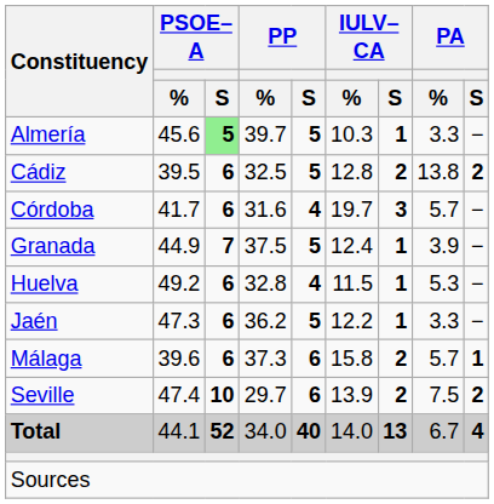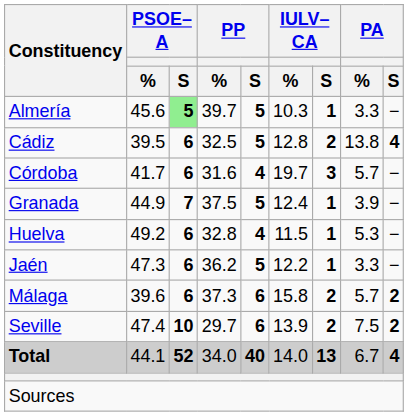 <table class="wikitable sortable" style="text-align:right; line-height:20px;">
 <tr>
 <th rowspan="3">Constituency</th>
 <th colspan="2" width="30px" class="unsortable"><a href='#'>PSOE–A</a></th>
 <th colspan="2" width="30px" class="unsortable"><a href='#'>PP</a></th>
 <th colspan="2" width="30px" class="unsortable"><a href='#'>IULV–CA</a></th>
 <th colspan="2" width="30px" class="unsortable"><a href='#'>PA</a></th>
 </tr>
 <tr>
 <th colspan="2" style="background:"></th>
 <th colspan="2" style="background:"></th>
 <th colspan="2" style="background:"></th>
 <th colspan="2" style="background:"></th>
 </tr>
 <tr>
 <th data-sort-type="number">%</th>
 <th data-sort-type="number">S</th>
 <th data-sort-type="number">%</th>
 <th data-sort-type="number">S</th>
 <th data-sort-type="number">%</th>
 <th data-sort-type="number">S</th>
 <th data-sort-type="number">%</th>
 <th data-sort-type="number">S</th>
 </tr>
 <tr>
 <td align="left"><a href='#'>Almería</a></td>
 <td style="background:">45.6</td>
 <td style="background: lightgreen;"><strong>5</strong></td>
 <td>39.7</td>
 <td><strong>5</strong></td>
 <td>10.3</td>
 <td><strong>1</strong></td>
 <td>3.3</td>
 <td>−</td>
 </tr>
 <tr>
 <td align="left"><a href='#'>Cádiz</a></td>
 <td style="background:">39.5</td>
 <td><strong>6</strong></td>
 <td>32.5</td>
 <td><strong>5</strong></td>
 <td>12.8</td>
 <td><strong>2</strong></td>
 <td>13.8</td>
-<td><strong>2</strong></td>
+<td><strong>4</strong></td>
 </tr>
 <tr>
 <td align="left"><a href='#'>Córdoba</a></td>
 <td style="background:">41.7</td>
 <td><strong>6</strong></td>
 <td>31.6</td>
 <td><strong>4</strong></td>
 <td>19.7</td>
 <td><strong>3</strong></td>
 <td>5.7</td>
 <td>−</td>
 </tr>
 <tr>
 <td align="left"><a href='#'>Granada</a></td>
 <td style="background:">44.9</td>
 <td><strong>7</strong></td>
 <td>37.5</td>
 <td><strong>5</strong></td>
 <td>12.4</td>
 <td><strong>1</strong></td>
 <td>3.9</td>
 <td>−</td>
 </tr>
 <tr>
 <td align="left"><a href='#'>Huelva</a></td>
 <td style="background:">49.2</td>
 <td><strong>6</strong></td>
 <td>32.8</td>
 <td><strong>4</strong></td>
 <td>11.5</td>
 <td><strong>1</strong></td>
 <td>5.3</td>
 <td>−</td>
 </tr>
 <tr>
 <td align="left"><a href='#'>Jaén</a></td>
 <td style="background:">47.3</td>
 <td><strong>6</strong></td>
 <td>36.2</td>
 <td><strong>5</strong></td>
 <td>12.2</td>
 <td><strong>1</strong></td>
 <td>3.3</td>
 <td>−</td>
 </tr>
 <tr>
 <td align="left"><a href='#'>Málaga</a></td>
 <td style="background:">39.6</td>
 <td><strong>6</strong></td>
 <td>37.3</td>
 <td><strong>6</strong></td>
 <td>15.8</td>
 <td><strong>2</strong></td>
 <td>5.7</td>
-<td><strong>1</strong></td>
+<td><strong>2</strong></td>
 </tr>
 <tr>
 <td align="left"><a href='#'>Seville</a></td>
 <td style="background:">47.4</td>
 <td><strong>10</strong></td>
 <td>29.7</td>
 <td><strong>6</strong></td>
 <td>13.9</td>
 <td><strong>2</strong></td>
 <td>7.5</td>
 <td><strong>2</strong></td>
 </tr>
 <tr style="background:#CDCDCD;">
 <td align="left"><strong>Total</strong></td>
 <td style="background:">44.1</td>
 <td><strong>52</strong></td>
 <td>34.0</td>
 <td><strong>40</strong></td>
 <td>14.0</td>
 <td><strong>13</strong></td>
 <td>6.7</td>
 <td><strong>4</strong></td>
 </tr>
 <tr>
 <th colspan="9"></th>
 </tr>
 <tr>
 <th style="text-align:left; font-weight:normal; background:#F9F9F9" colspan="9">Sources</th>
 </tr>
 </table>
